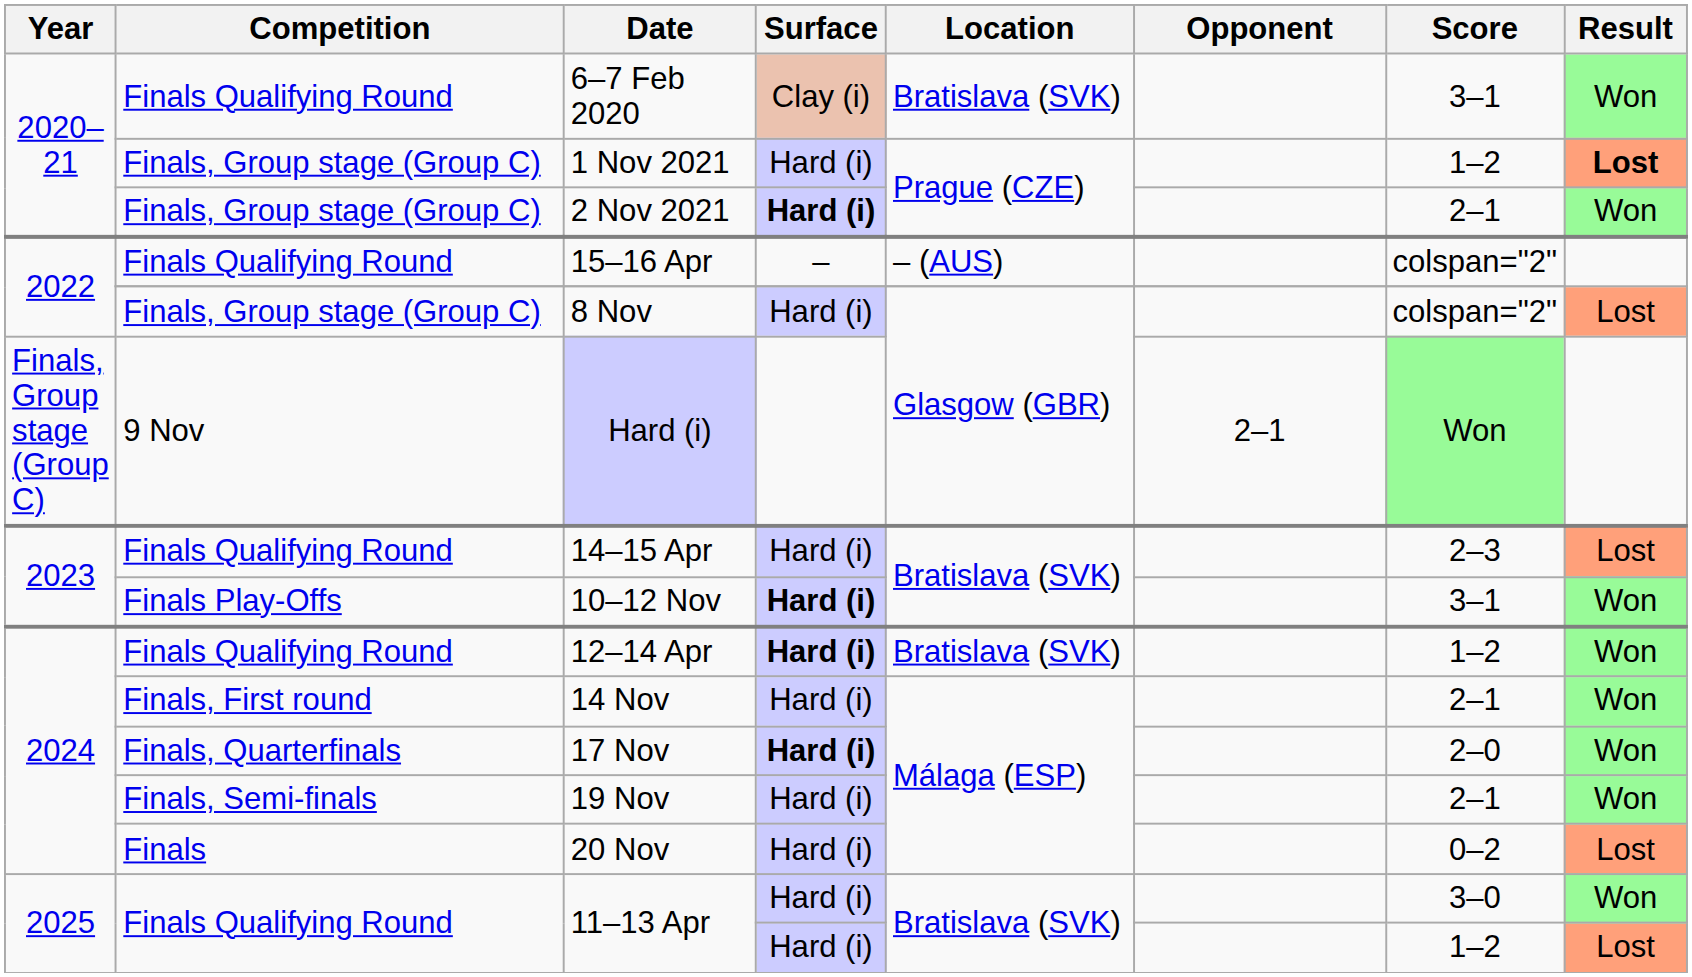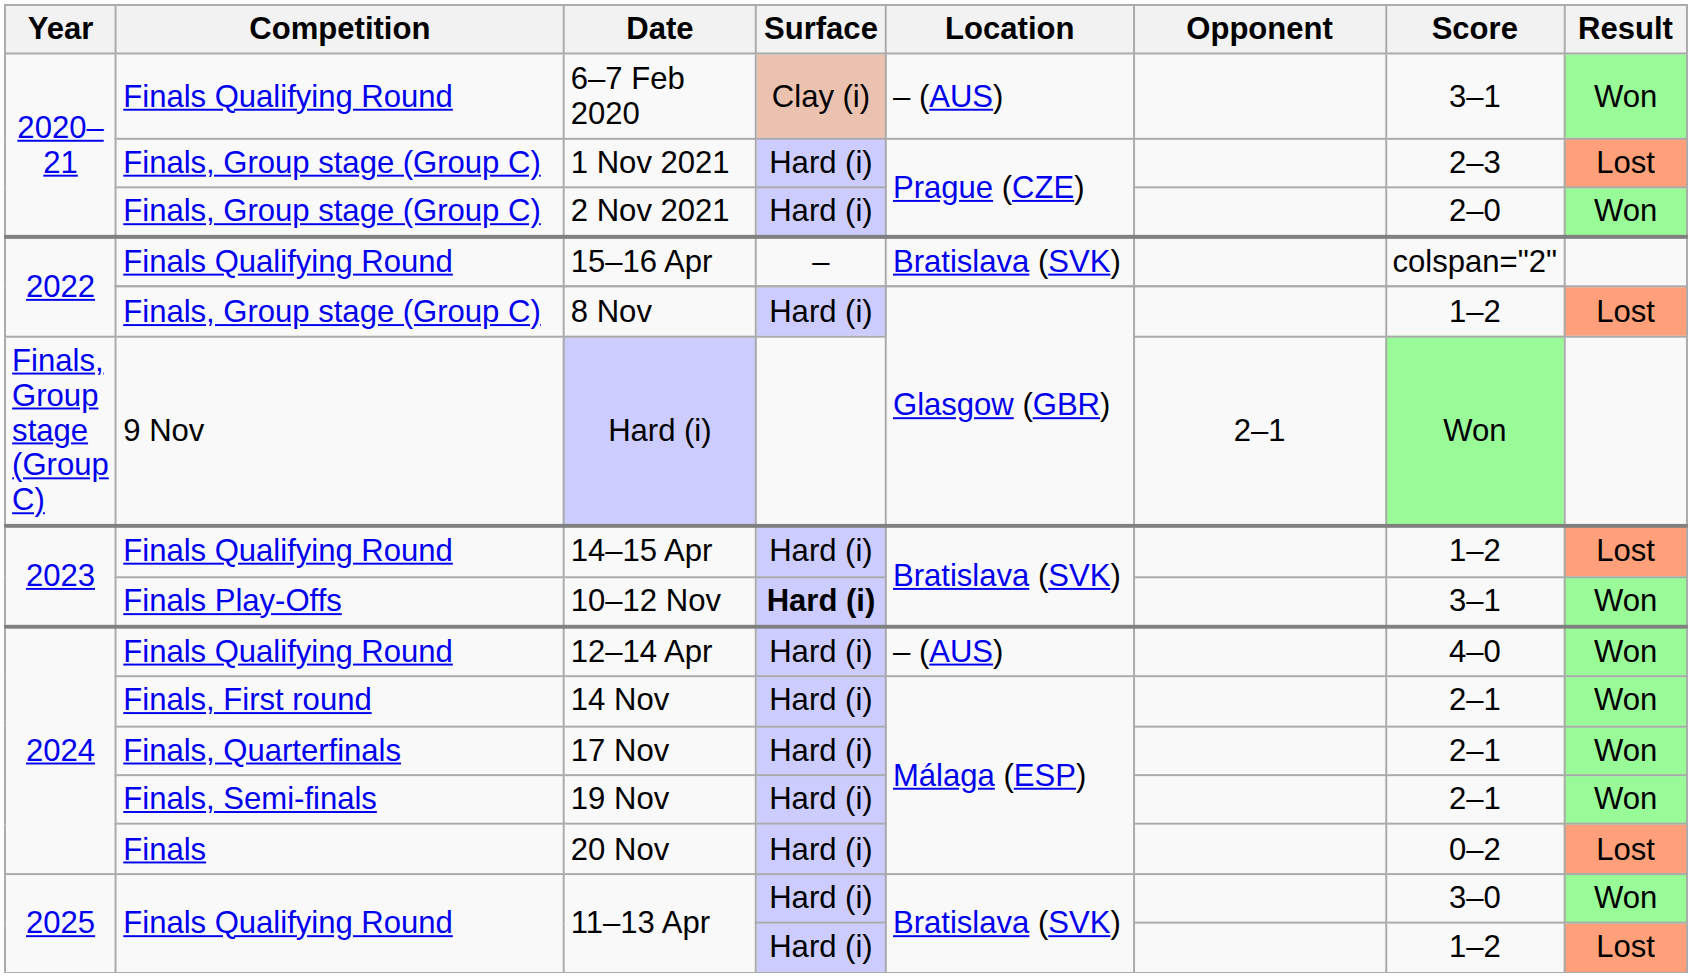 <table class="wikitable">
 <tr>
 <th width="50">Year</th>
 <th width="300">Competition</th>
 <th width="125">Date</th>
 <th width="60">Surface</th>
 <th width="150">Location</th>
 <th width="150">Opponent</th>
 <th width="50">Score</th>
 <th width="60">Result</th>
 </tr>
 <tr>
 <td align="center" rowspan="3"><a href='#'>2020–21</a></td>
 <td><a href='#'>Finals Qualifying Round</a></td>
 <td>6–7 Feb 2020</td>
 <td style="background:#ebc2af; text-align:center;">Clay (i)</td>
-<td><a href='#'>Bratislava</a> (<a href='#'>SVK</a>)</td>
+<td>– (<a href='#'>AUS</a>)</td>
 <td></td>
 <td align="center">3–1</td>
 <td align="center" bgcolor="#98FB98">Won</td>
 </tr>
 <tr>
 <td><a href='#'>Finals, Group stage (Group C)</a></td>
 <td>1 Nov 2021</td>
 <td style="background:#ccccff; text-align:center;">Hard (i)</td>
 <td rowspan="2"><a href='#'>Prague</a> (<a href='#'>CZE</a>)</td>
 <td></td>
-<td align="center">1–2</td>
-<td align="center" bgcolor="FFA07A"><strong>Lost</strong></td>
+<td align="center">2–3</td>
+<td align="center" bgcolor="FFA07A">Lost</td>
 </tr>
 <tr>
 <td><a href='#'>Finals, Group stage (Group C)</a></td>
 <td>2 Nov 2021</td>
-<td style="background:#ccccff; text-align:center;"><strong>Hard (i)</strong></td>
+<td style="background:#ccccff; text-align:center;">Hard (i)</td>
 <td></td>
-<td align="center">2–1</td>
+<td align="center">2–0</td>
 <td align="center" bgcolor="#98FB98">Won</td>
 </tr>
 <tr>
 </tr>
 <tr style="border-top:2px solid gray;">
 <td align="center" rowspan="3"><a href='#'>2022</a></td>
 <td><a href='#'>Finals Qualifying Round</a></td>
 <td>15–16 Apr</td>
 <td align="center">–</td>
-<td>– (<a href='#'>AUS</a>)</td>
+<td><a href='#'>Bratislava</a> (<a href='#'>SVK</a>)</td>
 <td></td>
 <td>colspan="2" </td>
 </tr>
 <tr>
 </tr>
 <tr>
 <td><a href='#'>Finals, Group stage (Group C)</a></td>
 <td>8 Nov</td>
 <td style="background:#ccccff; text-align:center;">Hard (i)</td>
 <td rowspan="2"><a href='#'>Glasgow</a> (<a href='#'>GBR</a>)</td>
 <td></td>
-<td>colspan="2" </td>
+<td align="center">1–2</td>
 <td align="center" bgcolor="FFA07A">Lost</td>
 </tr>
 <tr>
 <td><a href='#'>Finals, Group stage (Group C)</a></td>
 <td>9 Nov</td>
 <td style="background:#ccccff; text-align:center;">Hard (i)</td>
 <td></td>
 <td align="center">2–1</td>
 <td align="center" bgcolor="#98FB98">Won</td>
 </tr>
 <tr style="border-top:2px solid gray;">
 <td align="center" rowspan="2"><a href='#'>2023</a></td>
 <td><a href='#'>Finals Qualifying Round</a></td>
 <td>14–15 Apr</td>
 <td style="background:#ccccff; text-align:center;">Hard (i)</td>
 <td rowspan="2"><a href='#'>Bratislava</a> (<a href='#'>SVK</a>)</td>
 <td></td>
-<td align="center">2–3</td>
+<td align="center">1–2</td>
 <td align="center" bgcolor="FFA07A">Lost</td>
 </tr>
 <tr>
 <td><a href='#'>Finals Play-Offs</a></td>
 <td>10–12 Nov</td>
 <td style="background:#ccccff; text-align:center;"><strong>Hard (i)</strong></td>
 <td></td>
 <td align="center">3–1</td>
 <td align="center" bgcolor="#98FB98">Won</td>
 </tr>
 <tr style="border-top:2px solid gray;">
 <td align="center" rowspan="5"><a href='#'>2024</a></td>
 <td><a href='#'>Finals Qualifying Round</a></td>
 <td>12–14 Apr</td>
-<td style="background:#ccccff; text-align:center;"><strong>Hard (i)</strong></td>
-<td><a href='#'>Bratislava</a> (<a href='#'>SVK</a>)</td>
+<td style="background:#ccccff; text-align:center;">Hard (i)</td>
+<td>– (<a href='#'>AUS</a>)</td>
 <td></td>
-<td align="center">1–2</td>
+<td align="center">4–0</td>
 <td align="center" bgcolor="#98FB98">Won</td>
 </tr>
 <tr>
 <td><a href='#'>Finals, First round</a></td>
 <td>14 Nov</td>
 <td style="background:#ccccff; text-align:center;">Hard (i)</td>
 <td rowspan="4"><a href='#'>Málaga</a> (<a href='#'>ESP</a>)</td>
 <td></td>
 <td align="center">2–1</td>
 <td align="center" bgcolor="#98FB98">Won</td>
 </tr>
 <tr>
 <td><a href='#'>Finals, Quarterfinals</a></td>
 <td>17 Nov</td>
-<td style="background:#ccccff; text-align:center;"><strong>Hard (i)</strong></td>
+<td style="background:#ccccff; text-align:center;">Hard (i)</td>
 <td></td>
-<td align="center">2–0</td>
+<td align="center">2–1</td>
 <td align="center" bgcolor="98FB98">Won</td>
 </tr>
 <tr>
 <td><a href='#'>Finals, Semi-finals</a></td>
 <td>19 Nov</td>
 <td style="background:#ccccff; text-align:center;">Hard (i)</td>
 <td></td>
 <td align="center">2–1</td>
 <td align="center" bgcolor="98FB98">Won</td>
 </tr>
 <tr>
 <td><a href='#'>Finals</a></td>
 <td>20 Nov</td>
 <td style="background:#ccccff; text-align:center;">Hard (i)</td>
 <td></td>
 <td align="center">0–2</td>
 <td align="center" bgcolor="FFA07A">Lost</td>
 </tr>
 <tr>
 <td align="center" rowspan="5"><a href='#'>2025</a></td>
 <td rowspan=2><a href='#'>Finals Qualifying Round</a></td>
 <td rowspan=2>11–13 Apr</td>
 <td style="background:#ccccff; text-align:center;">Hard (i)</td>
 <td rowspan=2><a href='#'>Bratislava</a> (<a href='#'>SVK</a>)</td>
 <td></td>
 <td align="center">3–0</td>
 <td align="center" bgcolor="98FB98">Won</td>
 </tr>
 <tr>
 <td style="background:#ccccff; text-align:center;">Hard (i)</td>
 <td></td>
 <td align="center">1–2</td>
 <td align="center" bgcolor="FFA07A">Lost</td>
 </tr>
 <tr>
 </tr>
 </table>
